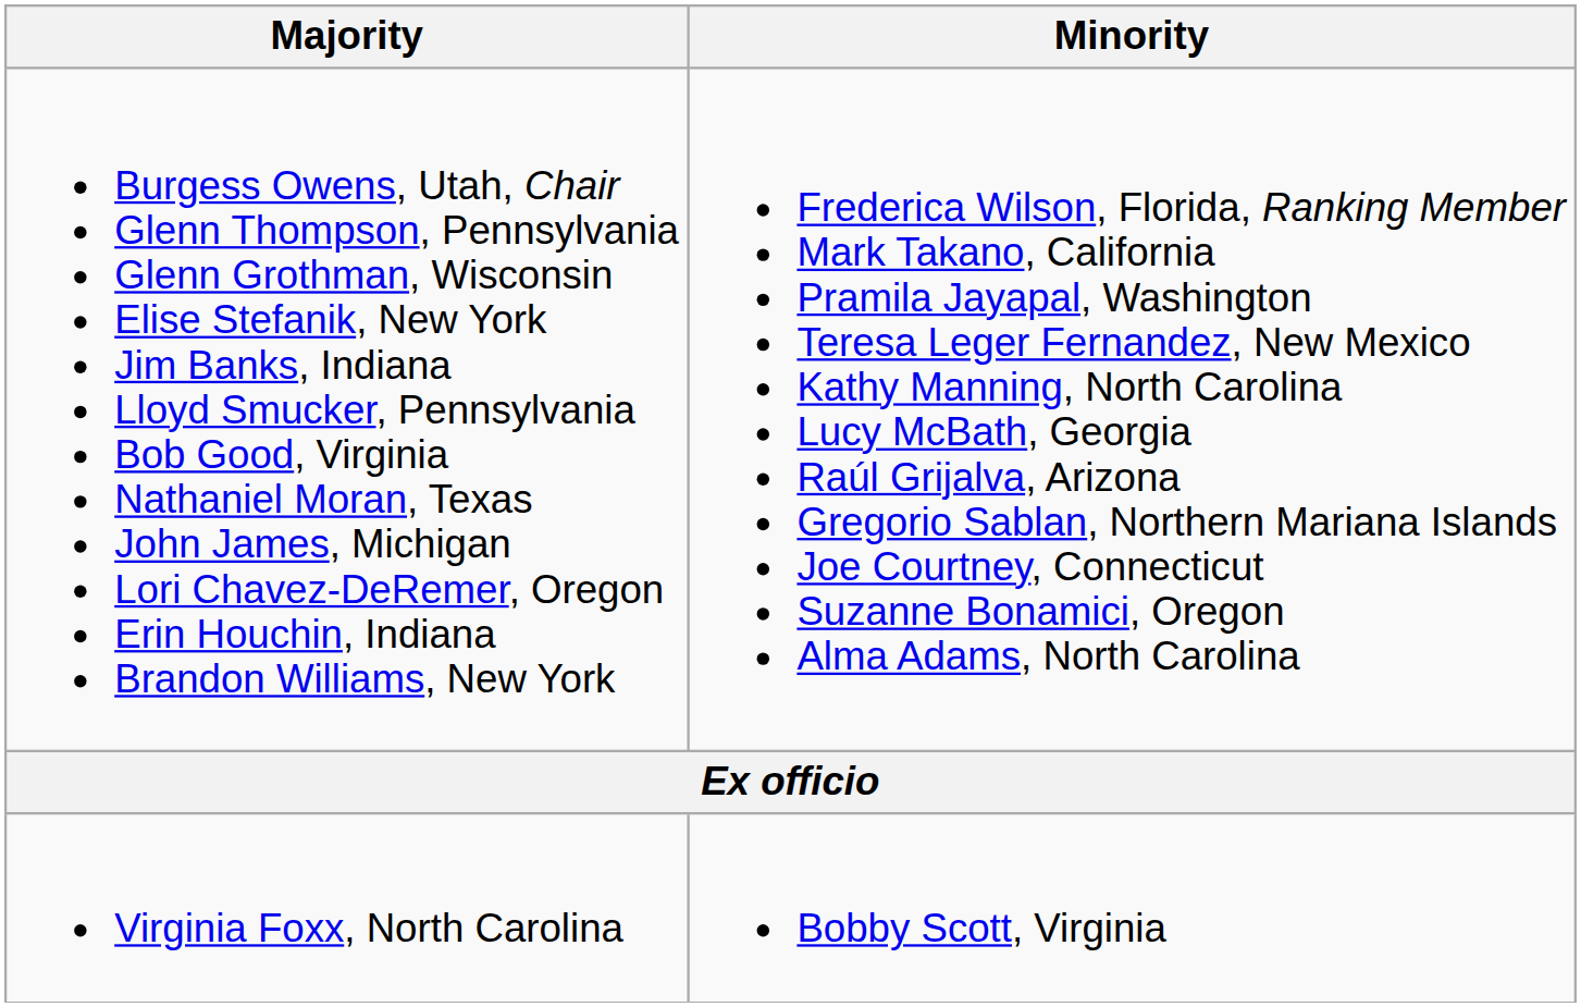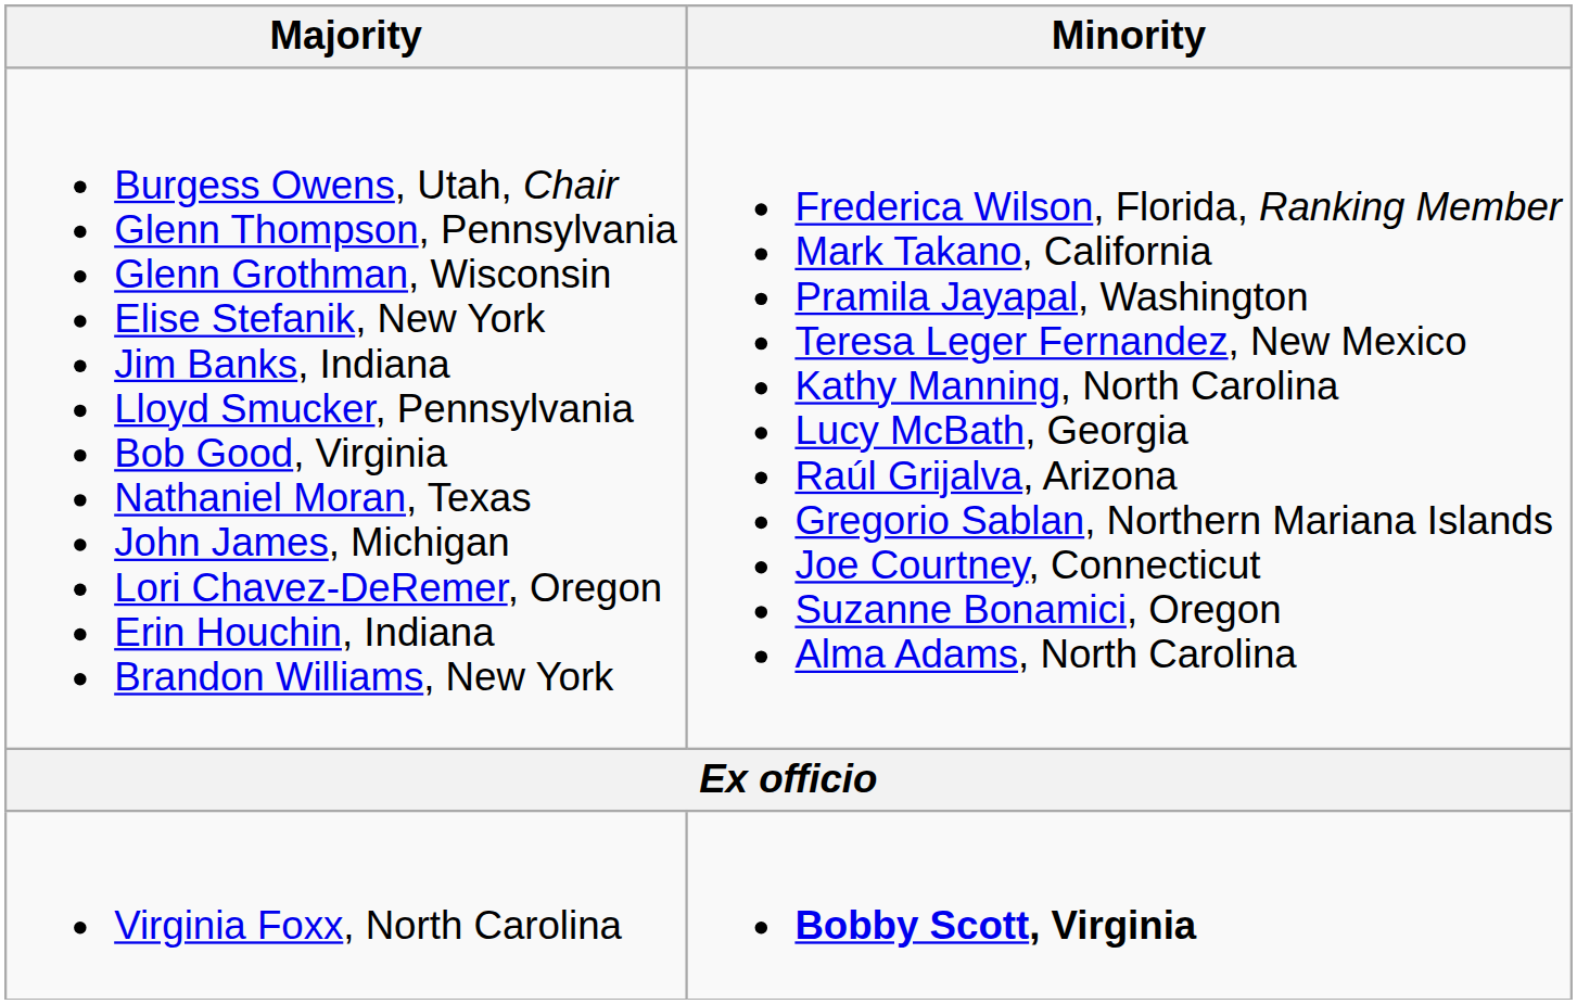 <table class=wikitable>
 <tr>
 <th>Majority</th>
 <th>Minority</th>
 </tr>
 <tr>
 <td><br><ul><li><a href='#'>Burgess Owens</a>, Utah, <em>Chair</em></li><li><a href='#'>Glenn Thompson</a>, Pennsylvania</li><li><a href='#'>Glenn Grothman</a>, Wisconsin</li><li><a href='#'>Elise Stefanik</a>, New York</li><li><a href='#'>Jim Banks</a>, Indiana</li><li><a href='#'>Lloyd Smucker</a>, Pennsylvania</li><li><a href='#'>Bob Good</a>, Virginia</li><li><a href='#'>Nathaniel Moran</a>, Texas</li><li><a href='#'>John James</a>, Michigan</li><li><a href='#'>Lori Chavez-DeRemer</a>, Oregon</li><li><a href='#'>Erin Houchin</a>, Indiana</li><li><a href='#'>Brandon Williams</a>, New York</li></ul></td>
 <td><br><ul><li><a href='#'>Frederica Wilson</a>, Florida, <em>Ranking Member</em></li><li><a href='#'>Mark Takano</a>, California</li><li><a href='#'>Pramila Jayapal</a>, Washington</li><li><a href='#'>Teresa Leger Fernandez</a>, New Mexico</li><li><a href='#'>Kathy Manning</a>, North Carolina</li><li><a href='#'>Lucy McBath</a>, Georgia</li><li><a href='#'>Raúl Grijalva</a>, Arizona</li><li><a href='#'>Gregorio Sablan</a>, Northern Mariana Islands</li><li><a href='#'>Joe Courtney</a>, Connecticut</li><li><a href='#'>Suzanne Bonamici</a>, Oregon</li><li><a href='#'>Alma Adams</a>, North Carolina</li></ul></td>
 </tr>
 <tr>
 <th colspan=2><em>Ex officio</em></th>
 </tr>
 <tr>
 <td><br><ul><li><a href='#'>Virginia Foxx</a>, North Carolina</li></ul></td>
-<td><br><ul><li><a href='#'>Bobby Scott</a>, Virginia</li></ul></td>
+<td><strong><br><ul><li><a href='#'>Bobby Scott</a>, Virginia</li></ul></strong></td>
 </tr>
 </table>
